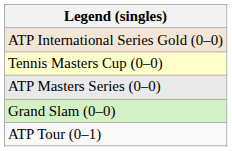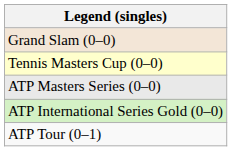 <table class=wikitable>
 <tr>
 <th>Legend (singles)</th>
 </tr>
 <tr bgcolor=f3e6d7>
-<td>ATP International Series Gold (0–0)</td>
+<td>Grand Slam (0–0)</td>
 </tr>
 <tr bgcolor=ffffcc>
 <td>Tennis Masters Cup (0–0)</td>
 </tr>
 <tr bgcolor=e9e9e9>
 <td>ATP Masters Series (0–0)</td>
 </tr>
 <tr bgcolor=d4f1c5>
-<td>Grand Slam (0–0)</td>
+<td>ATP International Series Gold (0–0)</td>
 </tr>
 <tr>
 <td>ATP Tour (0–1)</td>
 </tr>
 </table>
